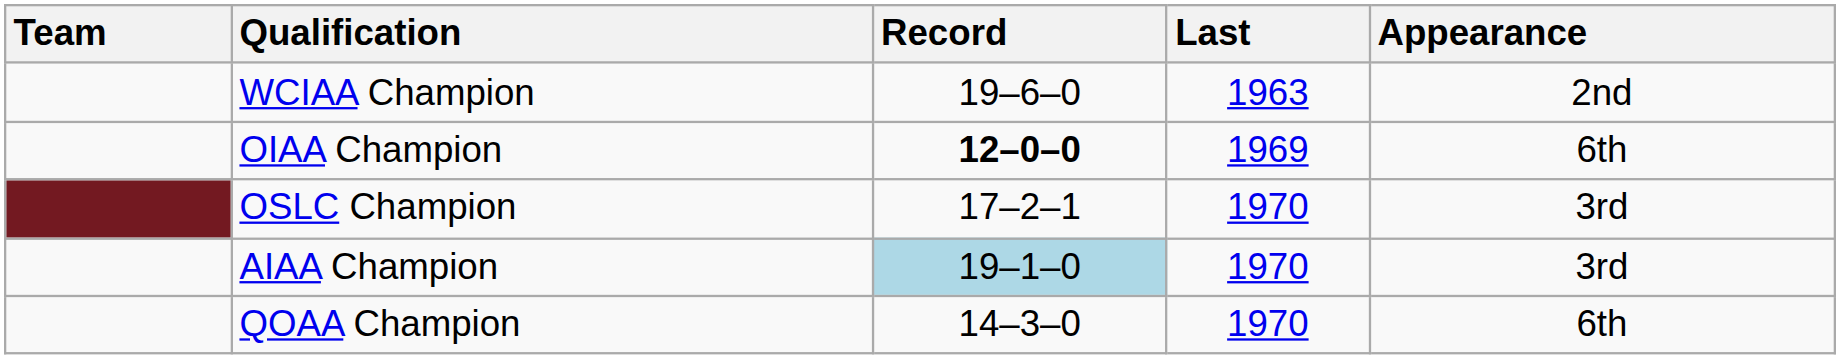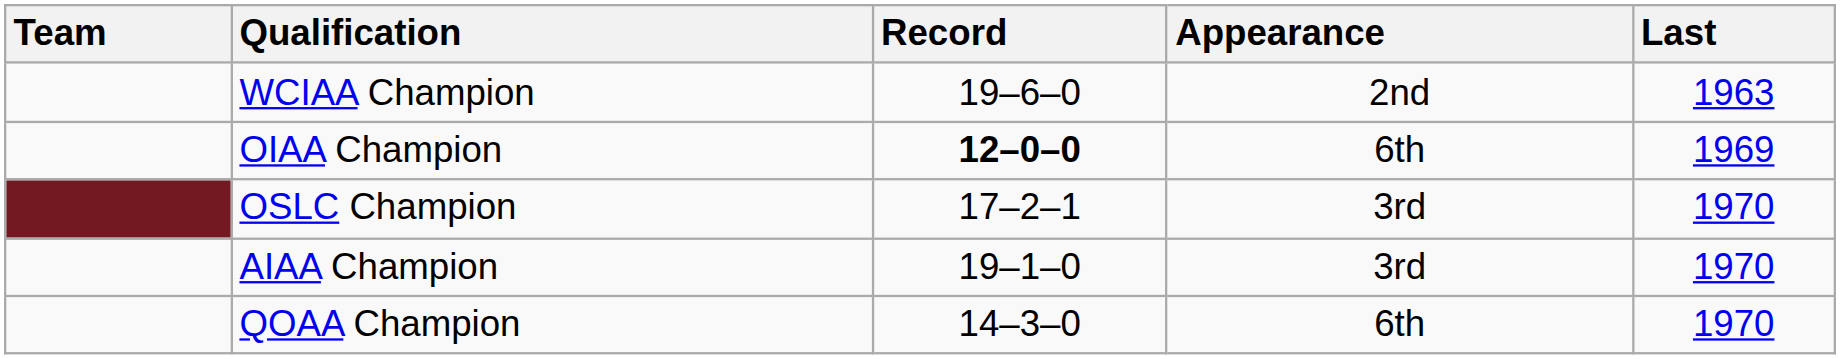 <table class="wikitable sortable" style="text-align: center;" width=800>
 <tr style="background:#efefef; text-align:center">
 <th style="text-align:left">Team</th>
 <th style="text-align:left">Qualification</th>
 <th style="text-align:left">Record</th>
+<th style="text-align:left">Appearance</th>
 <th style="text-align:left">Last</th>
-<th style="text-align:left">Appearance</th>
 </tr>
 <tr style="text-align:center">
 <td style="text-align:left; "><a href='#'></a></td>
 <td style="text-align:left"><a href='#'>WCIAA</a> Champion</td>
 <td style="text-align:center">19–6–0</td>
+<td style="text-align:center">2nd</td>
 <td style="text-align:center"><a href='#'>1963</a></td>
-<td style="text-align:center">2nd</td>
 </tr>
 <tr style="text-align:center">
 <td style="text-align:left; "><a href='#'></a></td>
 <td style="text-align:left"><a href='#'>OIAA</a> Champion</td>
 <td style="text-align:center"><strong>12–0–0</strong></td>
+<td style="text-align:center">6th</td>
 <td style="text-align:center"><a href='#'>1969</a></td>
-<td style="text-align:center">6th</td>
 </tr>
 <tr style="text-align:center">
 <td style="text-align:left; color:white; background:#731921; "><a href='#'></a></td>
 <td style="text-align:left"><a href='#'>OSLC</a> Champion</td>
 <td style="text-align:center">17–2–1</td>
+<td style="text-align:center">3rd</td>
 <td style="text-align:center"><a href='#'>1970</a></td>
-<td style="text-align:center">3rd</td>
 </tr>
 <tr style="text-align:center">
 <td style="text-align:left; "><a href='#'></a></td>
 <td style="text-align:left"><a href='#'>AIAA</a> Champion</td>
-<td style="background: lightblue; text-align:center">19–1–0</td>
+<td style="text-align:center">19–1–0</td>
+<td style="text-align:center">3rd</td>
 <td style="text-align:center"><a href='#'>1970</a></td>
-<td style="text-align:center">3rd</td>
 </tr>
 <tr style="text-align:center">
 <td style="text-align:left; "><a href='#'></a></td>
 <td style="text-align:left"><a href='#'>QOAA</a> Champion</td>
 <td style="text-align:center">14–3–0</td>
+<td style="text-align:center">6th</td>
 <td style="text-align:center"><a href='#'>1970</a></td>
-<td style="text-align:center">6th</td>
 </tr>
 </table>
